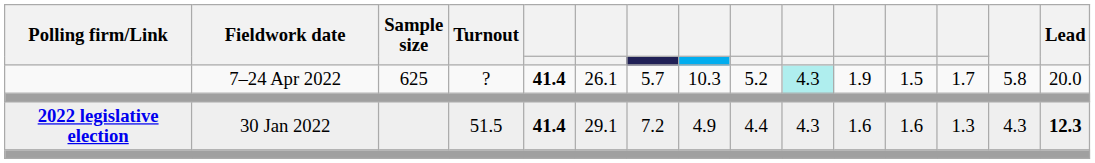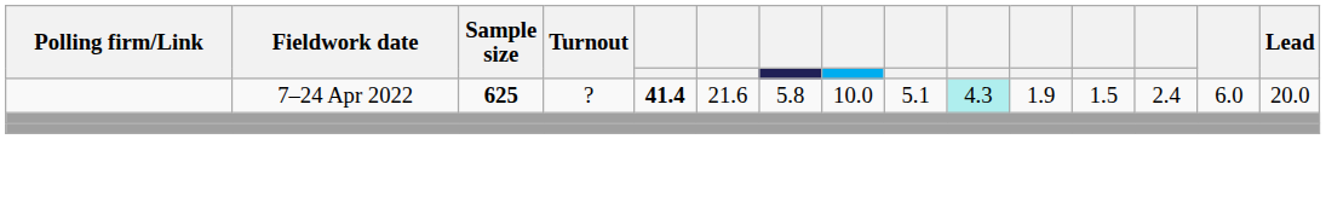 <table class="wikitable sortable mw-datatable" style="text-align:center;font-size:95%;line-height:16px;">
 <tr style="height:42px;">
 <th style="width:145px;" rowspan="2">Polling firm/Link</th>
 <th style="width:145px;" rowspan="2">Fieldwork date</th>
 <th class="unsortable" style="width:50px;" rowspan="2">Sample size</th>
 <th class="unsortable" style="width:45px;" rowspan="2">Turnout</th>
 <th class="sortable" style="width:35px;"></th>
 <th class="sortable" style="width:35px;"></th>
 <th class="sortable" style="width:35px;"></th>
 <th class="sortable" style="width:35px;"></th>
 <th class="sortable" style="width:35px;"></th>
 <th class="sortable" style="width:35px;"></th>
 <th class="sortable" style="width:35px;"></th>
 <th class="sortable" style="width:35px;"></th>
 <th class="sortable" style="width:35px;"></th>
 <th class="unsortable" style="width:35px;" rowspan="2"></th>
 <th class="unsortable" style="width:30px;" rowspan="2">Lead</th>
 </tr>
 <tr>
 <th class="sortable" style="color:inherit;background:"></th>
 <th class="sortable" style="color:inherit;background:"></th>
 <th class="sortable" style="color:inherit;background:#202056;"></th>
 <th class="sortable" style="color:inherit;background:#00ADEF;"></th>
 <th class="sortable" style="color:inherit;background:"></th>
 <th class="sortable" style="color:inherit;background:"></th>
 <th class="sortable" style="color:inherit;background:"></th>
 <th class="sortable" style="color:inherit;background:"></th>
 <th class="sortable" style="color:inherit;background:"></th>
 </tr>
 <tr>
 <td></td>
 <td>7–24 Apr 2022</td>
-<td>625</td>
+<td><strong>625</strong></td>
 <td>?</td>
 <td><strong>41.4</strong></td>
-<td>26.1</td>
-<td>5.7</td>
-<td>10.3</td>
-<td>5.2</td>
+<td>21.6</td>
+<td>5.8</td>
+<td>10.0</td>
+<td>5.1</td>
 <td style="background: paleturquoise;">4.3</td>
 <td>1.9</td>
 <td>1.5</td>
-<td>1.7</td>
-<td>5.8</td>
+<td>2.4</td>
+<td>6.0</td>
 <td style="background:">20.0</td>
 </tr>
 <tr>
 <td colspan="15" style="background:#A0A0A0"></td>
 </tr>
-<tr style="background:#EFEFEF">
-<td><strong><a href='#'>2022 legislative election</a></strong></td>
-<td>30 Jan 2022</td>
-<td></td>
-<td>51.5</td>
-<td><strong>41.4</strong><br></td>
-<td>29.1<br></td>
-<td>7.2<br></td>
-<td>4.9<br></td>
-<td>4.4<br></td>
-<td>4.3<br></td>
-<td>1.6<br></td>
-<td>1.6<br></td>
-<td>1.3<br></td>
-<td>4.3<br></td>
-<td style="background:"><strong>12.3</strong></td>
-</tr>
 <tr>
 <td colspan="15" style="background:#A0A0A0"></td>
 </tr>
 </table>
